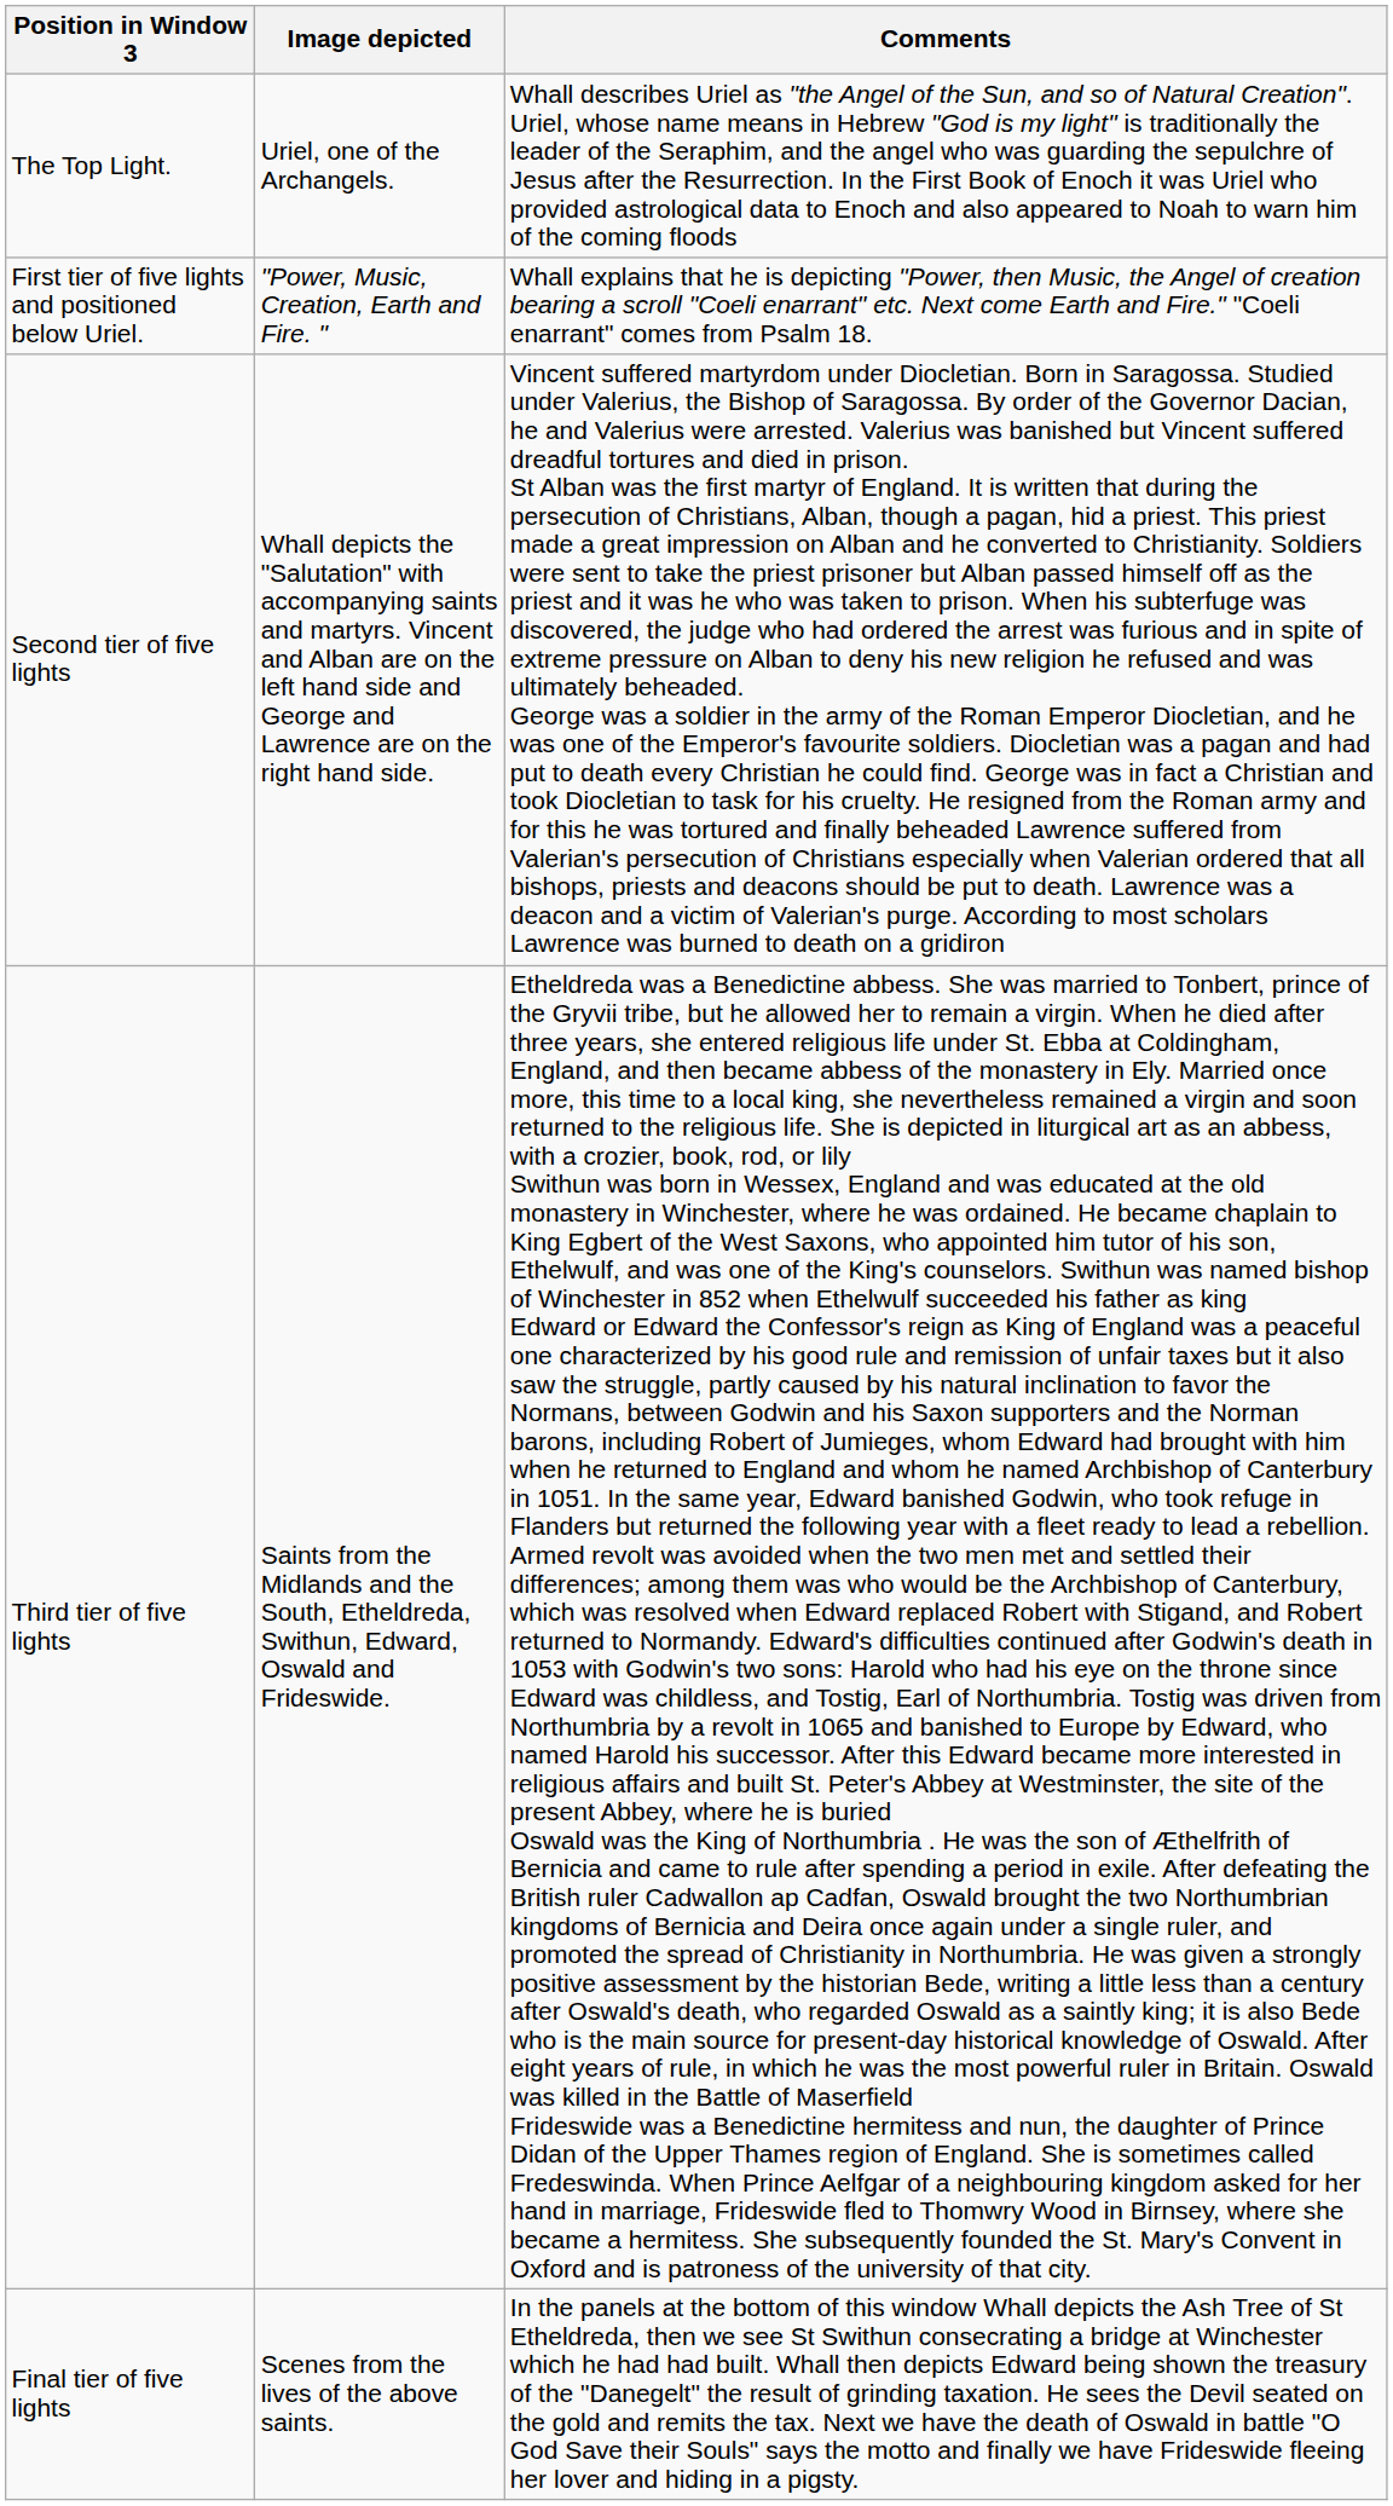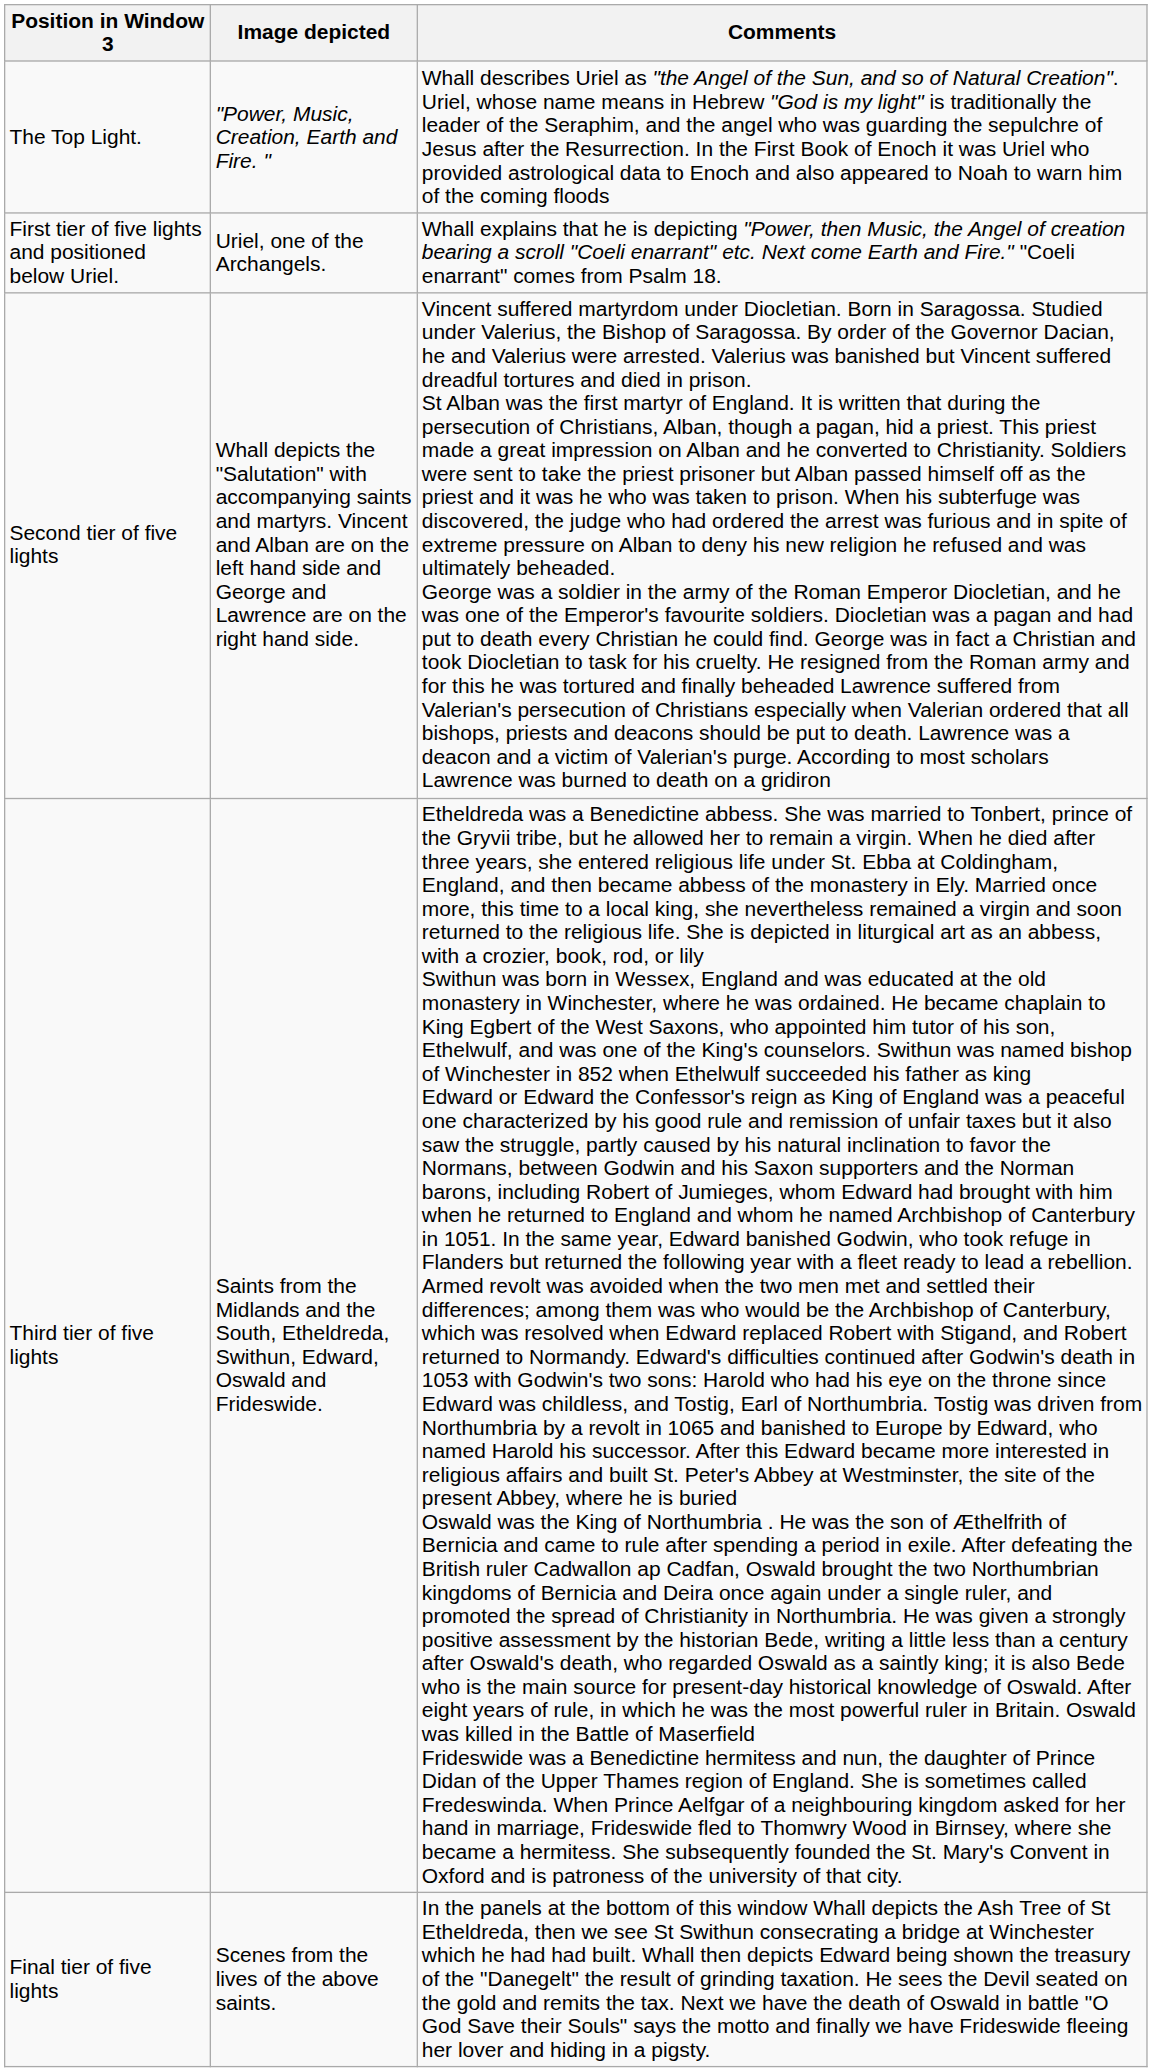 <table class="wikitable">
 <tr>
 <th style="width:150px">Position in Window 3</th>
 <th style="width:150px">Image depicted</th>
 <th style="width:550px" class="unsortable">Comments</th>
 </tr>
 <tr>
 <td>The Top Light.</td>
-<td>Uriel, one of the Archangels.</td>
+<td><em>"Power, Music, Creation, Earth and Fire. "</em></td>
 <td>Whall describes Uriel as <em>"the Angel of the Sun, and so of Natural Creation"</em>. Uriel, whose name means in Hebrew <em>"God is my light"</em> is traditionally the leader of the Seraphim, and the angel who was guarding the sepulchre of Jesus after the Resurrection. In the First Book of Enoch it was Uriel who provided astrological data to Enoch and also appeared to Noah to warn him of the coming floods</td>
 </tr>
 <tr>
 <td>First tier of five lights and positioned below Uriel.</td>
-<td><em>"Power, Music, Creation, Earth and Fire. "</em></td>
+<td>Uriel, one of the Archangels.</td>
 <td>Whall explains that he is depicting <em>"Power, then Music, the Angel of creation bearing a scroll "Coeli enarrant" etc. Next come Earth and Fire."</em> "Coeli enarrant" comes from Psalm 18.</td>
 </tr>
 <tr>
 <td>Second tier of five lights</td>
 <td>Whall depicts the "Salutation" with accompanying saints and martyrs. Vincent and Alban are on the left hand side and George and Lawrence are on the right hand side.</td>
 <td>Vincent suffered martyrdom under Diocletian. Born in Saragossa. Studied under Valerius, the Bishop of Saragossa. By order of the Governor Dacian, he and Valerius were arrested. Valerius was banished but Vincent suffered dreadful tortures and died in prison.<br>St Alban was the first martyr of England. It is written that during the persecution of Christians, Alban, though a pagan, hid a priest. This priest made a great impression on Alban and he converted to Christianity. Soldiers were sent to take the priest prisoner but Alban passed himself off as the priest and it was he who was taken to prison. When his subterfuge was discovered, the judge who had ordered the arrest was furious and in spite of extreme pressure on Alban to deny his new religion he refused and was ultimately beheaded.<br>George was a soldier in the army of the Roman Emperor Diocletian, and he was one of the Emperor's favourite soldiers. Diocletian was a pagan and had put to death every Christian he could find. George was in fact a Christian and took Diocletian to task for his cruelty.  He resigned from the Roman army and for this he was tortured and finally beheaded Lawrence suffered from Valerian's persecution of Christians especially when Valerian ordered that all bishops, priests and deacons should be put to death.  Lawrence was a deacon and a victim of Valerian's purge. According to most scholars Lawrence was burned to death on a gridiron</td>
 </tr>
 <tr>
 <td>Third tier of five lights</td>
 <td>Saints from the Midlands and the South, Etheldreda, Swithun, Edward, Oswald and Frideswide.</td>
 <td>Etheldreda was a Benedictine abbess. She was married to Tonbert, prince of the Gryvii tribe, but he allowed her to remain a virgin. When he died after three years, she entered religious life under St. Ebba at Coldingham, England, and then became abbess of the monastery in Ely. Married once more, this time to a local king, she nevertheless remained a virgin and soon returned to the religious life.  She is depicted in liturgical art as an abbess, with a crozier, book, rod, or lily<br>Swithun was born in Wessex, England and was educated at the old monastery in Winchester, where he was ordained. He became chaplain to King Egbert of the West Saxons, who appointed him tutor of his son, Ethelwulf, and was one of the King's counselors. Swithun was named bishop of Winchester in 852 when Ethelwulf succeeded his father as king<br>Edward or Edward the Confessor's reign as King of England was a peaceful one characterized by his good rule and remission of unfair taxes but it also saw the struggle, partly caused by his natural inclination to favor the Normans, between Godwin and his Saxon supporters and the Norman barons, including Robert of Jumieges, whom Edward had brought with him when he returned to England and whom he named Archbishop of Canterbury in 1051. In the same year, Edward banished Godwin, who took refuge in Flanders but returned the following year with a fleet ready to lead a rebellion. Armed revolt was avoided when the two men met and settled their differences; among them was who would be the Archbishop of Canterbury, which was resolved when Edward replaced Robert with Stigand,  and Robert returned to Normandy. Edward's difficulties continued after Godwin's death in 1053 with Godwin's two sons: Harold who had his eye on the throne since Edward was childless, and Tostig, Earl of Northumbria. Tostig was driven from Northumbria by a revolt in 1065 and banished to Europe by Edward, who named Harold his successor. After this Edward became more interested in religious affairs and built St. Peter's Abbey at Westminster, the site of the present Abbey, where he is buried<br>Oswald was the King of Northumbria .  He was the son of Æthelfrith of Bernicia and came to rule after spending a period in exile. After defeating the British ruler Cadwallon ap Cadfan, Oswald brought the two Northumbrian kingdoms of Bernicia and Deira once again under a single ruler, and promoted the spread of Christianity in Northumbria. He was given a strongly positive assessment by the historian Bede, writing a little less than a century after Oswald's death, who regarded Oswald as a saintly king; it is also Bede who is the main source for present-day historical knowledge of Oswald. After eight years of rule, in which he was the most powerful ruler in Britain.  Oswald was killed in the Battle of Maserfield<br>Frideswide was a Benedictine hermitess and nun, the daughter of Prince Didan of the Upper Thames region of England. She is sometimes called Fredeswinda. When Prince Aelfgar of a neighbouring kingdom asked for her hand in marriage, Frideswide fled to Thomwry Wood in Birnsey, where she became a hermitess. She subsequently founded the St. Mary's Convent in Oxford and is patroness of the university of that city.</td>
 </tr>
 <tr>
 <td>Final tier of five lights</td>
 <td>Scenes from the lives of the above saints.</td>
 <td>In the panels at the bottom of this window Whall depicts the Ash Tree of St Etheldreda, then we see St Swithun consecrating a bridge at Winchester which he had had built.  Whall then depicts Edward being shown the treasury of the "Danegelt" the result of grinding taxation.  He sees the Devil seated on the gold and remits the tax. Next we have the death of Oswald in battle "O God Save their Souls" says the motto and finally we have Frideswide fleeing her lover and hiding in a pigsty.</td>
 </tr>
 </table>
